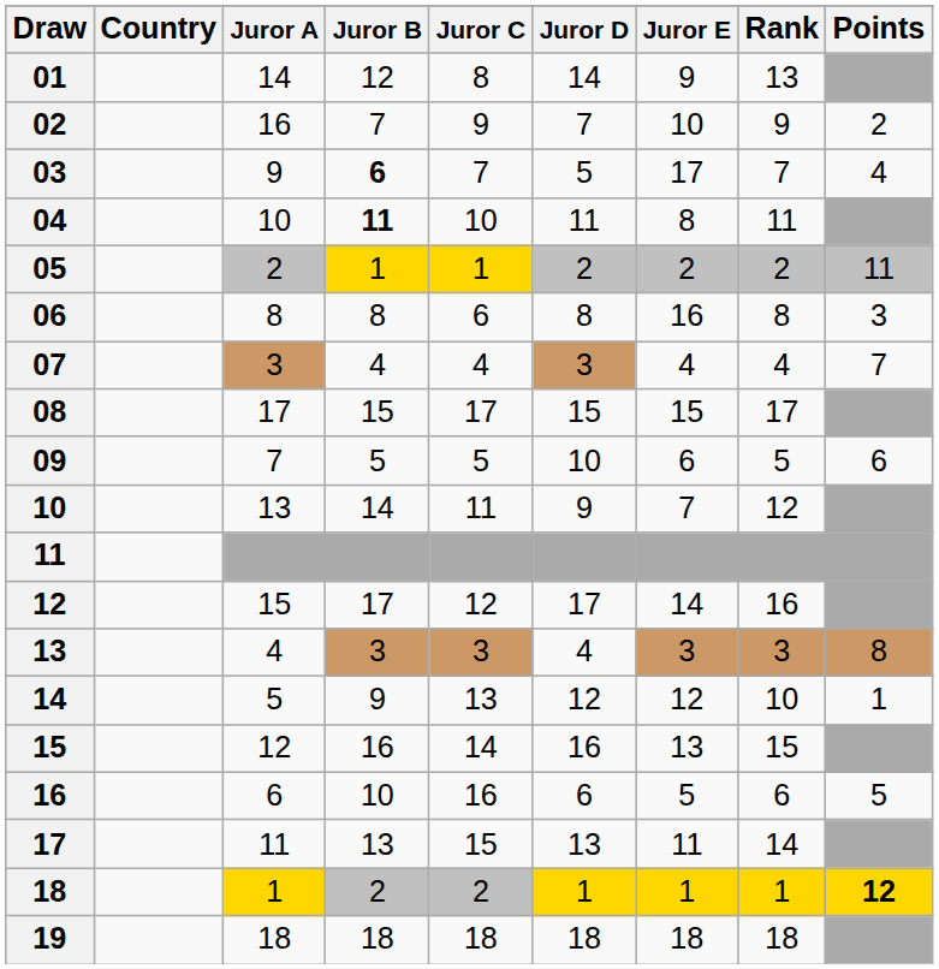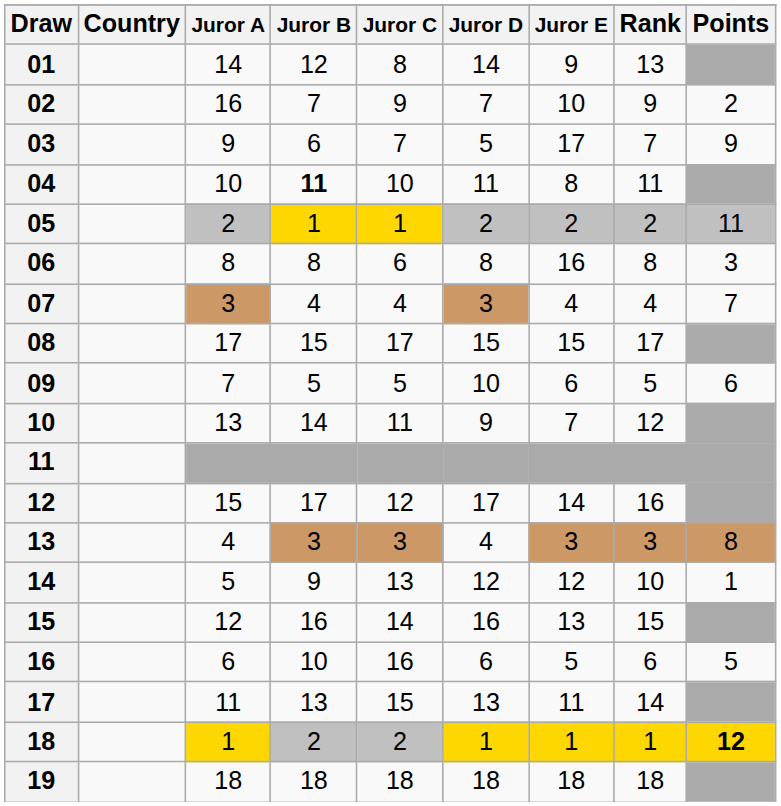 <table class="sortable wikitable collapsible plainrowheaders" style="text-align:center;">
 <tr>
 </tr>
 <tr>
 <th scope="col">Draw</th>
 <th scope="col">Country</th>
 <th scope="col"><small>Juror A</small></th>
 <th scope="col"><small>Juror B</small></th>
 <th scope="col"><small>Juror C</small></th>
 <th scope="col"><small>Juror D</small></th>
 <th scope="col"><small>Juror E</small></th>
 <th scope="col">Rank</th>
 <th scope="col">Points</th>
 </tr>
 <tr>
 <th scope="row" style="text-align:center;">01</th>
 <td style="text-align:left;"></td>
 <td>14</td>
 <td>12</td>
 <td>8</td>
 <td>14</td>
 <td>9</td>
 <td>13</td>
 <td style="background:#AAAAAA;"></td>
 </tr>
 <tr>
 <th scope="row" style="text-align:center;">02</th>
 <td style="text-align:left;"></td>
 <td>16</td>
 <td>7</td>
 <td>9</td>
 <td>7</td>
 <td>10</td>
 <td>9</td>
 <td>2</td>
 </tr>
 <tr>
 <th scope="row" style="text-align:center;">03</th>
 <td style="text-align:left;"></td>
 <td>9</td>
-<td><strong>6</strong></td>
+<td>6</td>
 <td>7</td>
 <td>5</td>
 <td>17</td>
 <td>7</td>
-<td>4</td>
+<td>9</td>
 </tr>
 <tr>
 <th scope="row" style="text-align:center;">04</th>
 <td style="text-align:left;"></td>
 <td>10</td>
 <td><strong>11</strong></td>
 <td>10</td>
 <td>11</td>
 <td>8</td>
 <td>11</td>
 <td style="background:#AAAAAA;"></td>
 </tr>
 <tr>
 <th scope="row" style="text-align:center;">05</th>
 <td style="text-align:left;"></td>
 <td style="background:silver;">2</td>
 <td style="background:gold;">1</td>
 <td style="background:gold;">1</td>
 <td style="background:silver;">2</td>
 <td style="background:silver;">2</td>
 <td style="background:silver;">2</td>
 <td style="background:silver;">11</td>
 </tr>
 <tr>
 <th scope="row" style="text-align:center;">06</th>
 <td style="text-align:left;"></td>
 <td>8</td>
 <td>8</td>
 <td>6</td>
 <td>8</td>
 <td>16</td>
 <td>8</td>
 <td>3</td>
 </tr>
 <tr>
 <th scope="row" style="text-align:center;">07</th>
 <td style="text-align:left;"></td>
 <td style="background:#CC9966;">3</td>
 <td>4</td>
 <td>4</td>
 <td style="background:#CC9966;">3</td>
 <td>4</td>
 <td>4</td>
 <td>7</td>
 </tr>
 <tr>
 <th scope="row" style="text-align:center;">08</th>
 <td style="text-align:left;"></td>
 <td>17</td>
 <td>15</td>
 <td>17</td>
 <td>15</td>
 <td>15</td>
 <td>17</td>
 <td style="background:#AAAAAA;"></td>
 </tr>
 <tr>
 <th scope="row" style="text-align:center;">09</th>
 <td style="text-align:left;"></td>
 <td>7</td>
 <td>5</td>
 <td>5</td>
 <td>10</td>
 <td>6</td>
 <td>5</td>
 <td>6</td>
 </tr>
 <tr>
 <th scope="row" style="text-align:center;">10</th>
 <td style="text-align:left;"></td>
 <td>13</td>
 <td>14</td>
 <td>11</td>
 <td>9</td>
 <td>7</td>
 <td>12</td>
 <td style="background:#AAAAAA;"></td>
 </tr>
 <tr class="sortbottom">
 <th scope="row" style="text-align:center;">11</th>
 <td style="text-align:left;"></td>
 <td style="background:#AAAAAA;"></td>
 <td style="background:#AAAAAA;"></td>
 <td style="background:#AAAAAA;"></td>
 <td style="background:#AAAAAA;"></td>
 <td style="background:#AAAAAA;"></td>
 <td style="background:#AAAAAA;"></td>
 <td style="background:#AAAAAA;"></td>
 </tr>
 <tr>
 <th scope="row" style="text-align:center;">12</th>
 <td style="text-align:left;"></td>
 <td>15</td>
 <td>17</td>
 <td>12</td>
 <td>17</td>
 <td>14</td>
 <td>16</td>
 <td style="background:#AAAAAA;"></td>
 </tr>
 <tr>
 <th scope="row" style="text-align:center;">13</th>
 <td style="text-align:left;"></td>
 <td>4</td>
 <td style="background:#CC9966;">3</td>
 <td style="background:#CC9966;">3</td>
 <td>4</td>
 <td style="background:#CC9966;">3</td>
 <td style="background:#CC9966;">3</td>
 <td style="background:#CC9966;">8</td>
 </tr>
 <tr>
 <th scope="row" style="text-align:center;">14</th>
 <td style="text-align:left;"></td>
 <td>5</td>
 <td>9</td>
 <td>13</td>
 <td>12</td>
 <td>12</td>
 <td>10</td>
 <td>1</td>
 </tr>
 <tr>
 <th scope="row" style="text-align:center;">15</th>
 <td style="text-align:left;"></td>
 <td>12</td>
 <td>16</td>
 <td>14</td>
 <td>16</td>
 <td>13</td>
 <td>15</td>
 <td style="background:#AAAAAA;"></td>
 </tr>
 <tr>
 <th scope="row" style="text-align:center;">16</th>
 <td style="text-align:left;"></td>
 <td>6</td>
 <td>10</td>
 <td>16</td>
 <td>6</td>
 <td>5</td>
 <td>6</td>
 <td>5</td>
 </tr>
 <tr>
 <th scope="row" style="text-align:center;">17</th>
 <td style="text-align:left;"></td>
 <td>11</td>
 <td>13</td>
 <td>15</td>
 <td>13</td>
 <td>11</td>
 <td>14</td>
 <td style="background:#AAAAAA;"></td>
 </tr>
 <tr>
 <th scope="row" style="text-align:center;">18</th>
 <td style="text-align:left;"></td>
 <td style="background:gold;">1</td>
 <td style="background:silver;">2</td>
 <td style="background:silver;">2</td>
 <td style="background:gold;">1</td>
 <td style="background:gold;">1</td>
 <td style="background:gold;">1</td>
 <td style="background:gold;"><strong>12</strong></td>
 </tr>
 <tr>
 <th scope="row" style="text-align:center;">19</th>
 <td style="text-align:left;"></td>
 <td>18</td>
 <td>18</td>
 <td>18</td>
 <td>18</td>
 <td>18</td>
 <td>18</td>
 <td style="background:#AAAAAA;"></td>
 </tr>
 </table>
